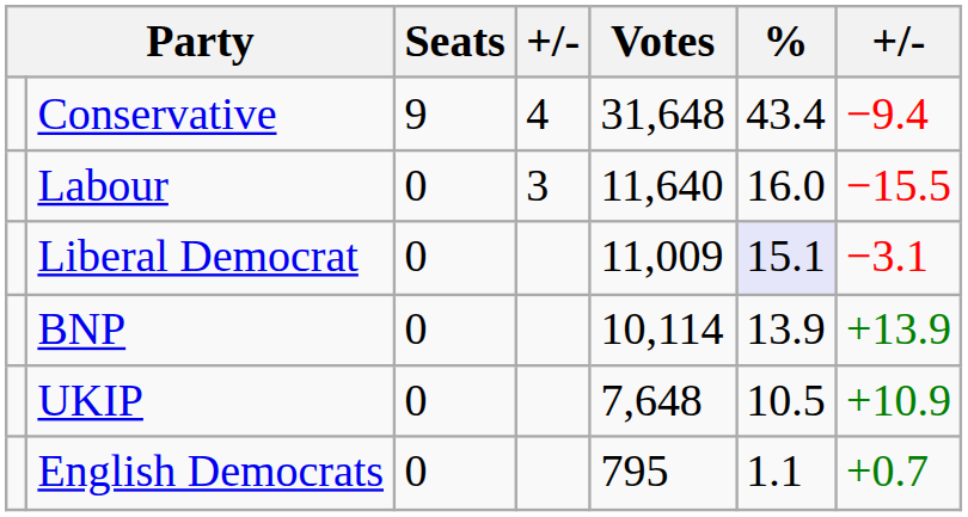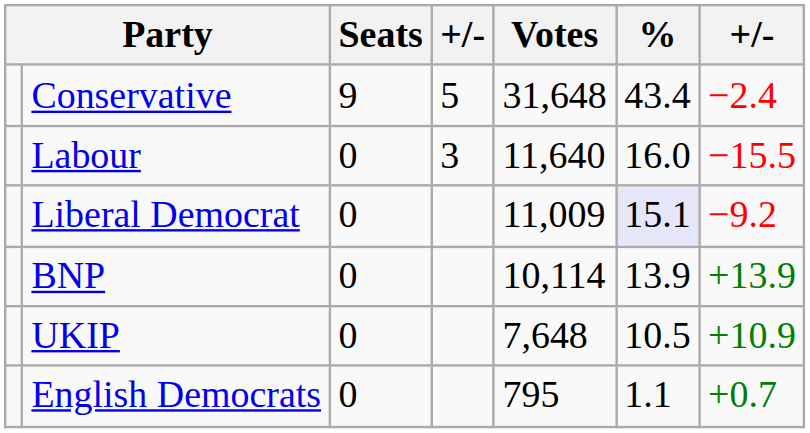 <table class="wikitable">
 <tr>
 <th colspan="2">Party</th>
 <th>Seats</th>
 <th>+/-</th>
 <th>Votes</th>
 <th>%</th>
 <th>+/-</th>
 </tr>
 <tr>
 <td style="background-color: "></td>
 <td><a href='#'>Conservative</a></td>
 <td>9</td>
-<td> 4</td>
+<td> 5</td>
 <td>31,648</td>
 <td>43.4</td>
-<td style="color:red">−9.4</td>
+<td style="color:red">−2.4</td>
 </tr>
 <tr>
 <td style="background-color: "></td>
 <td><a href='#'>Labour</a></td>
 <td>0</td>
 <td> 3</td>
 <td>11,640</td>
 <td>16.0</td>
 <td style="color:red">−15.5</td>
 </tr>
 <tr>
 <td style="background-color: "></td>
 <td><a href='#'>Liberal Democrat</a></td>
 <td>0</td>
 <td></td>
 <td>11,009</td>
 <td style="background: lavender;">15.1</td>
-<td style="color:red">−3.1</td>
+<td style="color:red">−9.2</td>
 </tr>
 <tr>
 <td style="background-color: "></td>
 <td><a href='#'>BNP</a></td>
 <td>0</td>
 <td></td>
 <td>10,114</td>
 <td>13.9</td>
 <td style="color:green">+13.9</td>
 </tr>
 <tr>
 <td style="background-color: "></td>
 <td><a href='#'>UKIP</a></td>
 <td>0</td>
 <td></td>
 <td>7,648</td>
 <td>10.5</td>
 <td style="color:green">+10.9</td>
 </tr>
 <tr>
 <td style="background-color: "></td>
 <td><a href='#'>English Democrats</a></td>
 <td>0</td>
 <td></td>
 <td>795</td>
 <td>1.1</td>
 <td style="color:green">+0.7</td>
 </tr>
 </table>
